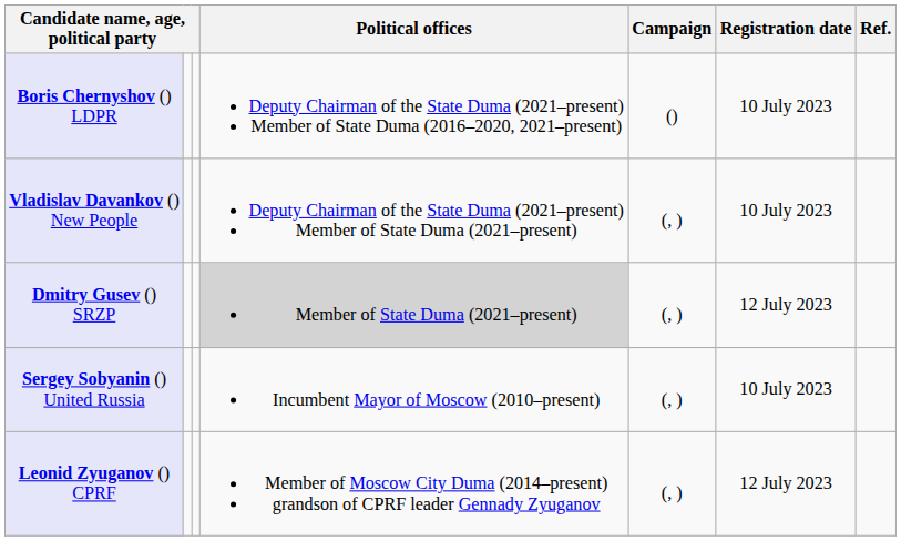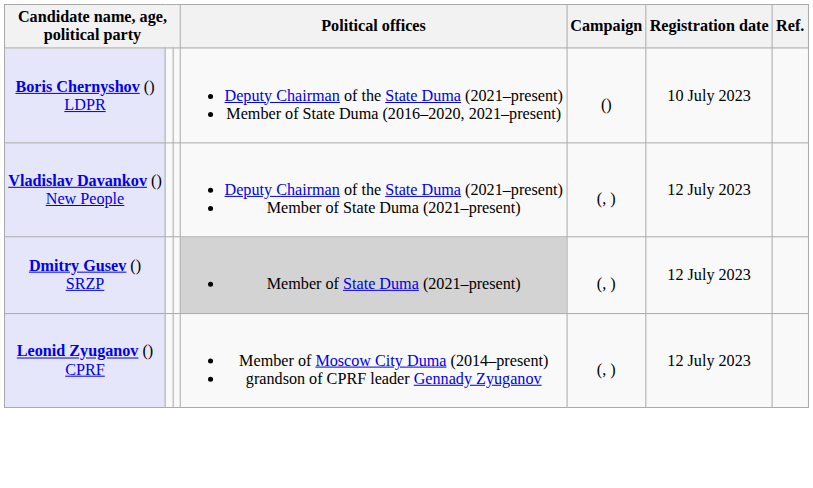 <table class="wikitable" style="text-align:center;">
 <tr>
 <th colspan="3">Candidate name, age,<br>political party</th>
 <th>Political offices</th>
 <th>Campaign</th>
 <th>Registration date</th>
 <th>Ref.</th>
 </tr>
 <tr>
 <td style="background:lavender;"><strong><a href='#'>Boris Chernyshov</a></strong> ()<br><a href='#'>LDPR</a></td>
 <td style="background-color:"></td>
 <td></td>
 <td><br><ul><li><a href='#'>Deputy Chairman</a> of the <a href='#'>State Duma</a> (2021–present)</li><li>Member of State Duma (2016–2020, 2021–present)</li></ul></td>
 <td><br>()</td>
 <td>10 July 2023</td>
 <td></td>
 </tr>
 <tr>
 <td style="background:lavender;"><strong><a href='#'>Vladislav Davankov</a></strong> ()<br><a href='#'>New People</a></td>
 <td style="background-color:"></td>
 <td></td>
 <td><br><ul><li><a href='#'>Deputy Chairman</a> of the <a href='#'>State Duma</a> (2021–present)</li><li>Member of State Duma (2021–present)</li></ul></td>
 <td><br>(, )</td>
-<td>10 July 2023</td>
+<td>12 July 2023</td>
 <td></td>
 </tr>
 <tr>
 <td style="background:lavender;"><strong><a href='#'>Dmitry Gusev</a></strong> ()<br><a href='#'>SRZP</a></td>
 <td style="background-color:"></td>
 <td></td>
 <td style="background: lightgrey;"><br><ul><li>Member of <a href='#'>State Duma</a> (2021–present)</li></ul></td>
 <td><br>(, )</td>
 <td>12 July 2023</td>
 <td></td>
 </tr>
 <tr>
-<td style="background:lavender;"><strong><a href='#'>Sergey Sobyanin</a></strong> ()<br><a href='#'>United Russia</a></td>
-<td style="background-color:"></td>
-<td></td>
-<td><br><ul><li>Incumbent <a href='#'>Mayor of Moscow</a> (2010–present)</li></ul></td>
-<td><br>(, )</td>
-<td>10 July 2023</td>
-<td></td>
-</tr>
-<tr>
 <td style="background:lavender;"><strong><a href='#'>Leonid Zyuganov</a></strong> ()<br><a href='#'>CPRF</a></td>
 <td style="background-color:"></td>
 <td></td>
 <td><br><ul><li>Member of <a href='#'>Moscow City Duma</a> (2014–present)</li><li>grandson of CPRF leader <a href='#'>Gennady Zyuganov</a></li></ul></td>
 <td><br>(, )</td>
 <td>12 July 2023</td>
 <td></td>
 </tr>
 </table>
